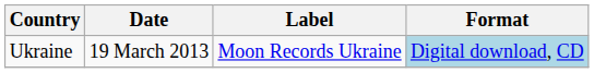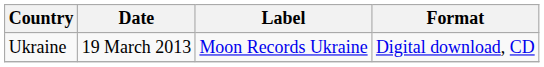 <table class="sortable wikitable">
 <tr>
 <th>Country</th>
 <th>Date</th>
 <th>Label</th>
 <th>Format</th>
 </tr>
 <tr>
 <td>Ukraine</td>
 <td>19 March 2013</td>
 <td><a href='#'>Moon Records Ukraine</a></td>
-<td style="background: lightblue;"><a href='#'>Digital download</a>, <a href='#'>CD</a></td>
+<td><a href='#'>Digital download</a>, <a href='#'>CD</a></td>
 </tr>
 <tr>
 </tr>
 </table>
